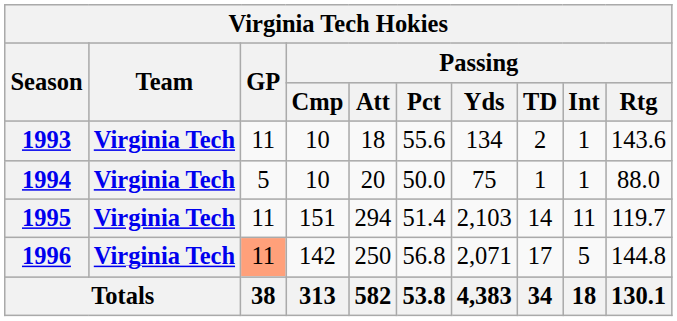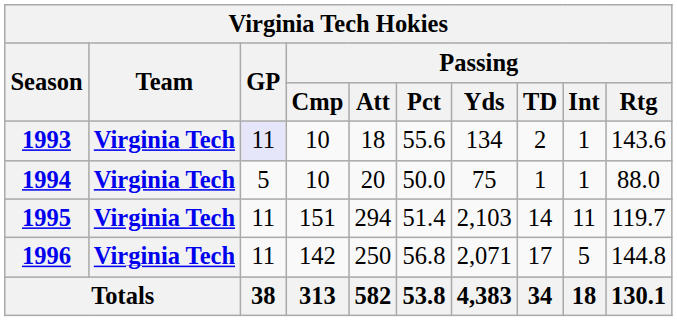 <table class="wikitable" style="text-align:center;">
 <tr>
 <th colspan="10">Virginia Tech Hokies</th>
 </tr>
 <tr>
 <th rowspan="2">Season</th>
 <th rowspan="2">Team</th>
 <th rowspan="2">GP</th>
 <th colspan="7">Passing</th>
 </tr>
 <tr>
 <th>Cmp</th>
 <th>Att</th>
 <th>Pct</th>
 <th>Yds</th>
 <th>TD</th>
 <th>Int</th>
 <th>Rtg</th>
 </tr>
 <tr>
 <th><a href='#'>1993</a></th>
 <th><a href='#'>Virginia Tech</a></th>
-<td>11</td>
+<td style="background: lavender;">11</td>
 <td>10</td>
 <td>18</td>
 <td>55.6</td>
 <td>134</td>
 <td>2</td>
 <td>1</td>
 <td>143.6</td>
 </tr>
 <tr>
 <th><a href='#'>1994</a></th>
 <th><a href='#'>Virginia Tech</a></th>
 <td>5</td>
 <td>10</td>
 <td>20</td>
 <td>50.0</td>
 <td>75</td>
 <td>1</td>
 <td>1</td>
 <td>88.0</td>
 </tr>
 <tr>
 <th><a href='#'>1995</a></th>
 <th><a href='#'>Virginia Tech</a></th>
 <td>11</td>
 <td>151</td>
 <td>294</td>
 <td>51.4</td>
 <td>2,103</td>
 <td>14</td>
 <td>11</td>
 <td>119.7</td>
 </tr>
 <tr>
 <th><a href='#'>1996</a></th>
 <th><a href='#'>Virginia Tech</a></th>
-<td style="background: lightsalmon;">11</td>
+<td>11</td>
 <td>142</td>
 <td>250</td>
 <td>56.8</td>
 <td>2,071</td>
 <td>17</td>
 <td>5</td>
 <td>144.8</td>
 </tr>
 <tr>
 <th colspan="2">Totals</th>
 <th>38</th>
 <th>313</th>
 <th>582</th>
 <th>53.8</th>
 <th>4,383</th>
 <th>34</th>
 <th>18</th>
 <th>130.1</th>
 </tr>
 </table>
